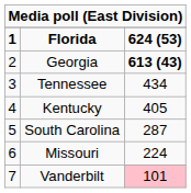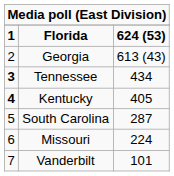 <table class="wikitable" style="display: inline-table;">
 <tr>
 <td align="center" Colspan="3"><strong>Media poll (East Division)</strong></td>
 </tr>
 <tr align="center">
 </tr>
 <tr align="center">
 <td><strong>1</strong></td>
 <td><strong>Florida</strong></td>
 <td><strong>624 (53)</strong></td>
 </tr>
 <tr align="center">
 <td>2</td>
 <td>Georgia</td>
-<td><strong>613 (43)</strong></td>
+<td>613 (43)</td>
 </tr>
 <tr align="center">
-<td>3</td>
+<td><strong>3</strong></td>
 <td>Tennessee</td>
 <td>434</td>
 </tr>
 <tr align="center">
-<td>4</td>
+<td><strong>4</strong></td>
 <td>Kentucky</td>
 <td>405</td>
 </tr>
 <tr align="center">
 <td>5</td>
 <td>South Carolina</td>
 <td>287</td>
 </tr>
 <tr align="center">
 <td>6</td>
 <td>Missouri</td>
 <td>224</td>
 </tr>
 <tr align="center">
 <td>7</td>
 <td>Vanderbilt</td>
-<td style="background: pink;">101</td>
+<td>101</td>
 </tr>
 </table>
